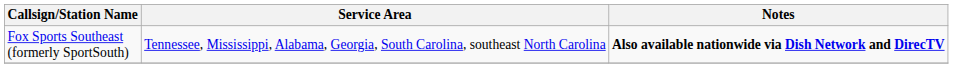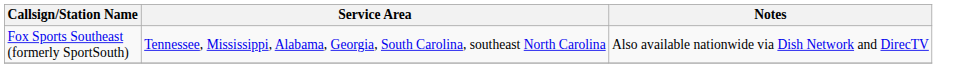 <table class="wikitable">
 <tr>
 <th>Callsign/Station Name</th>
 <th>Service Area</th>
 <th>Notes</th>
 </tr>
 <tr>
 <td><a href='#'>Fox Sports Southeast</a> <br> (formerly SportSouth) </td>
 <td><a href='#'>Tennessee</a>, <a href='#'>Mississippi</a>, <a href='#'>Alabama</a>, <a href='#'>Georgia</a>, <a href='#'>South Carolina</a>, southeast <a href='#'>North Carolina</a></td>
-<td><strong>Also available nationwide via <a href='#'>Dish Network</a> and <a href='#'>DirecTV</a></strong></td>
+<td>Also available nationwide via <a href='#'>Dish Network</a> and <a href='#'>DirecTV</a></td>
 </tr>
 <tr>
 </tr>
 </table>
